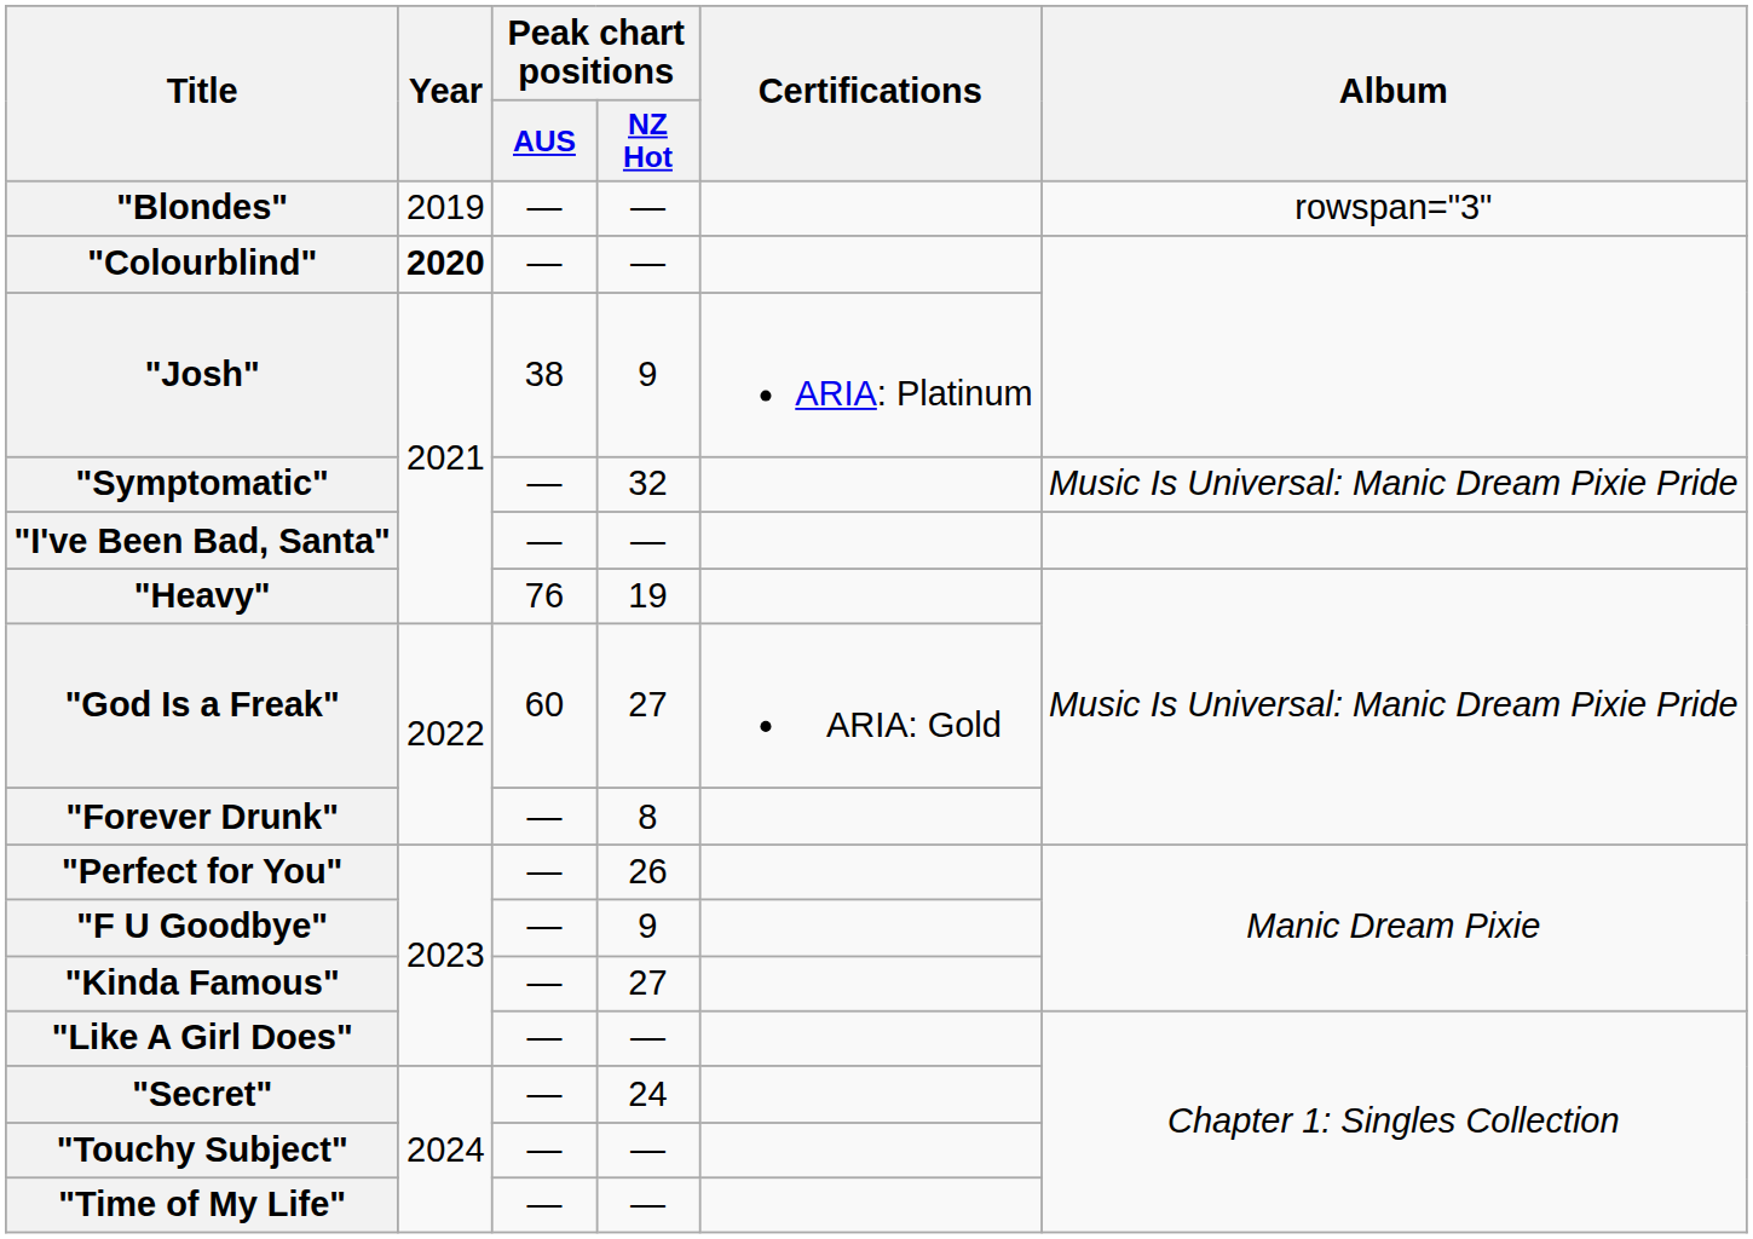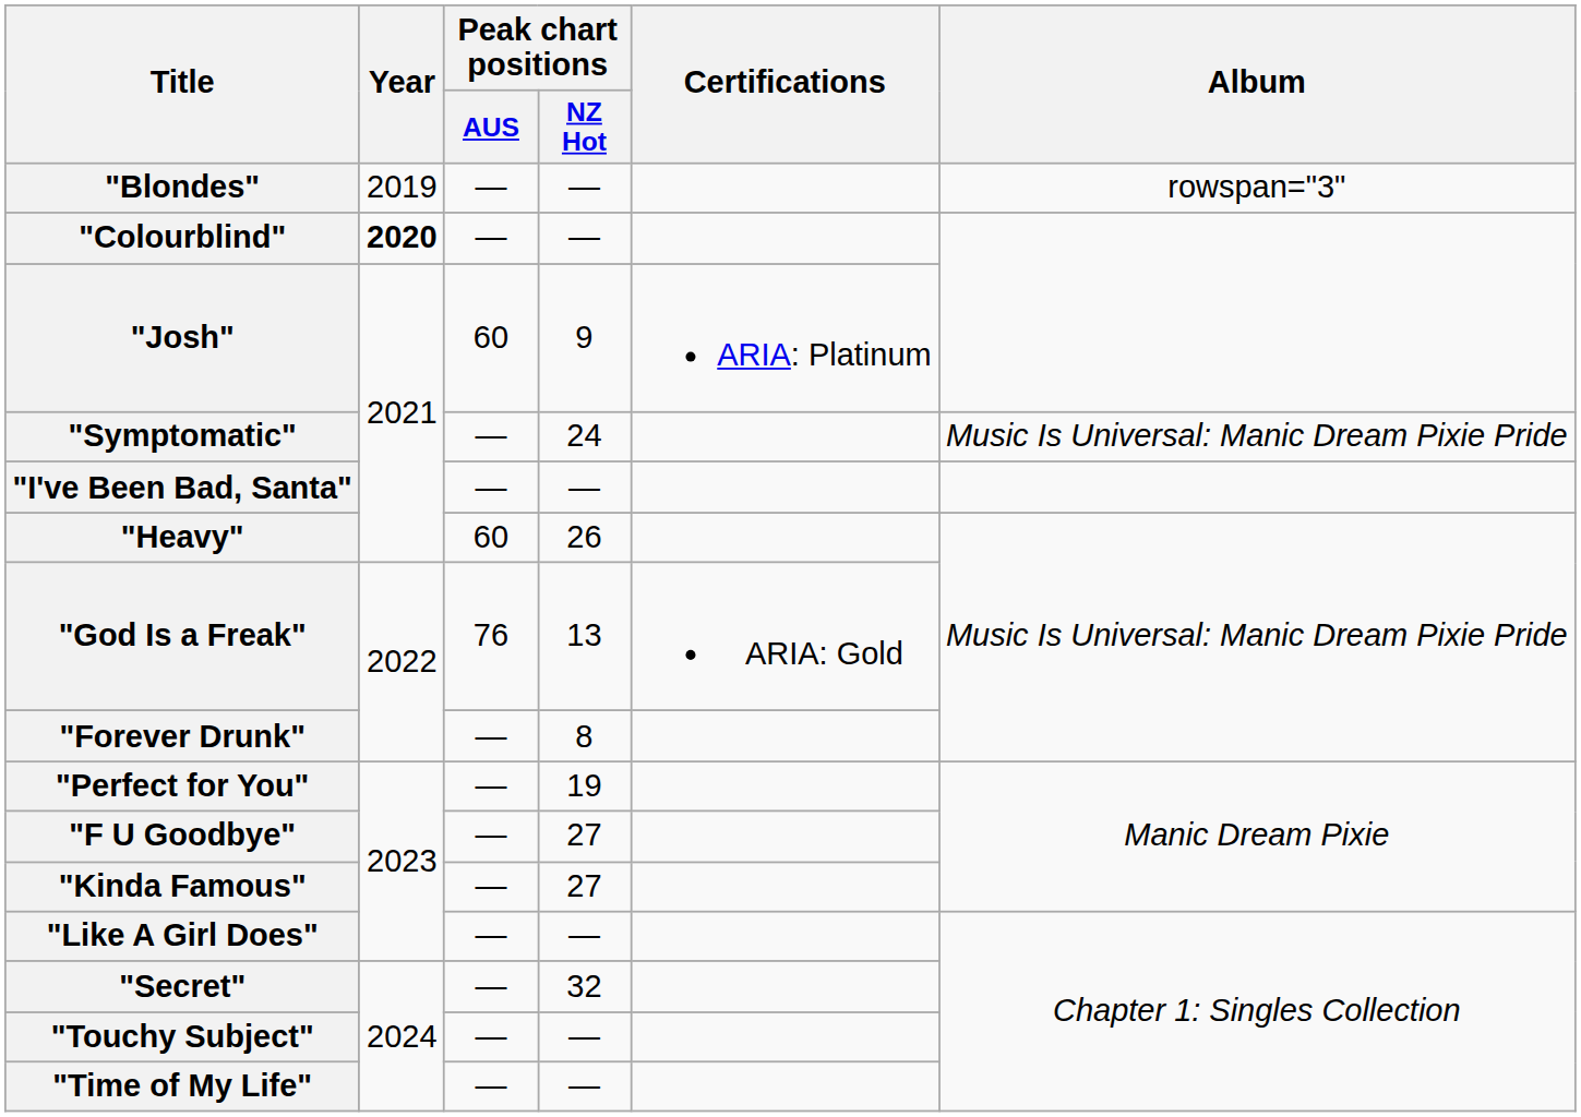 <table class="wikitable plainrowheaders" style="text-align:center">
 <tr>
 <th scope="col" rowspan="2">Title</th>
 <th scope="col" rowspan="2">Year</th>
 <th scope="col" colspan="2">Peak chart positions</th>
 <th scope="col" rowspan="2">Certifications</th>
 <th scope="col" rowspan="2">Album</th>
 </tr>
 <tr>
 <th scope="col" style="width:3em;font-size:85%;"><a href='#'>AUS</a><br></th>
 <th scope="col" style="width:3em;font-size:85%;"><a href='#'>NZ<br>Hot</a><br></th>
 </tr>
 <tr>
 <th scope="row">"Blondes"</th>
 <td>2019</td>
 <td>—</td>
 <td>—</td>
 <td></td>
 <td>rowspan="3" </td>
 </tr>
 <tr>
 <th scope="row">"Colourblind"</th>
 <td><strong>2020</strong></td>
 <td>—</td>
 <td>—</td>
 <td></td>
 </tr>
 <tr>
 <th scope="row">"Josh"</th>
 <td rowspan="4">2021</td>
-<td>38</td>
+<td>60</td>
 <td>9</td>
 <td><br><ul><li><a href='#'>ARIA</a>: Platinum</li></ul></td>
 </tr>
 <tr>
 <th scope="row">"Symptomatic"</th>
 <td>—</td>
-<td>32</td>
+<td>24</td>
 <td></td>
 <td><em>Music Is Universal: Manic Dream Pixie Pride</em></td>
 </tr>
 <tr>
 <th scope="row">"I've Been Bad, Santa"</th>
 <td>—</td>
 <td>—</td>
 <td></td>
 <td></td>
 </tr>
 <tr>
 <th scope="row">"Heavy"</th>
-<td>76</td>
-<td>19</td>
+<td>60</td>
+<td>26</td>
 <td></td>
 <td rowspan="3"><em>Music Is Universal: Manic Dream Pixie Pride</em></td>
 </tr>
 <tr>
 <th scope="row">"God Is a Freak"</th>
 <td rowspan="2">2022</td>
-<td>60</td>
-<td>27</td>
+<td>76</td>
+<td>13</td>
 <td><br><ul><li>ARIA: Gold</li></ul></td>
 </tr>
 <tr>
 <th scope="row">"Forever Drunk"</th>
 <td>—</td>
 <td>8</td>
 <td></td>
 </tr>
 <tr>
 <th scope="row">"Perfect for You"</th>
 <td rowspan="4">2023</td>
 <td>—</td>
-<td>26</td>
+<td>19</td>
 <td></td>
 <td rowspan="3"><em>Manic Dream Pixie</em></td>
 </tr>
 <tr>
 <th scope="row">"F U Goodbye"</th>
 <td>—</td>
-<td>9</td>
+<td>27</td>
 <td></td>
 </tr>
 <tr>
 <th scope="row">"Kinda Famous"</th>
 <td>—</td>
 <td>27</td>
 <td></td>
 </tr>
 <tr>
 <th scope="row">"Like A Girl Does"</th>
 <td>—</td>
 <td>—</td>
 <td></td>
 <td rowspan="4"><em>Chapter 1: Singles Collection</em></td>
 </tr>
 <tr>
 <th scope="row">"Secret"</th>
 <td rowspan="3">2024</td>
 <td>—</td>
-<td>24</td>
+<td>32</td>
 <td></td>
 </tr>
 <tr>
 <th scope="row">"Touchy Subject"</th>
 <td>—</td>
 <td>—</td>
 <td></td>
 </tr>
 <tr>
 <th scope="row">"Time of My Life"</th>
 <td>—</td>
 <td>—</td>
 <td></td>
 </tr>
 </table>
